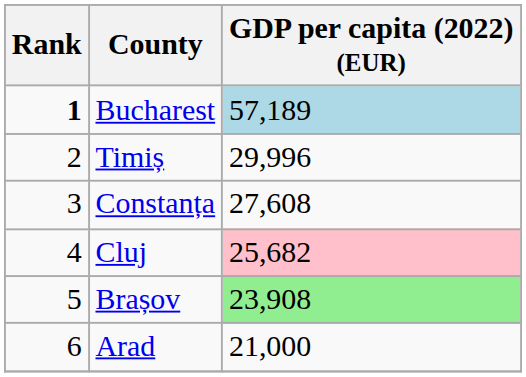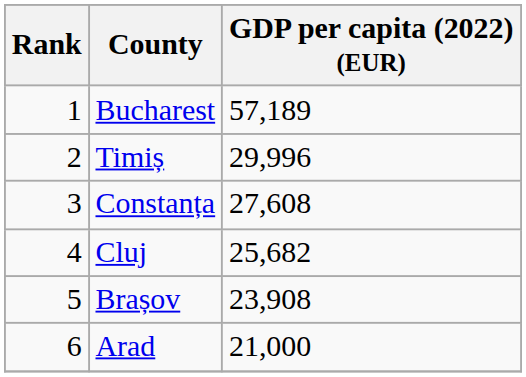 <table class="wikitable">
 <tr>
 <th>Rank</th>
 <th>County</th>
 <th>GDP per capita (2022)<br><small>(EUR)</small></th>
 </tr>
 <tr>
-<td align=right><strong>1</strong></td>
+<td align=right>1</td>
 <td><a href='#'>Bucharest</a></td>
-<td style="background: lightblue;">57,189</td>
+<td>57,189</td>
 </tr>
 <tr>
 <td align=right>2</td>
 <td><a href='#'>Timiș</a></td>
 <td>29,996</td>
 </tr>
 <tr>
 <td align=right>3</td>
 <td><a href='#'>Constanța</a></td>
 <td>27,608</td>
 </tr>
 <tr>
 <td align=right>4</td>
 <td><a href='#'>Cluj</a></td>
-<td style="background: pink;">25,682</td>
+<td>25,682</td>
 </tr>
 <tr>
 <td align=right>5</td>
 <td><a href='#'>Brașov</a></td>
-<td style="background: lightgreen;">23,908</td>
+<td>23,908</td>
 </tr>
 <tr>
 <td align=right>6</td>
 <td><a href='#'>Arad</a></td>
 <td>21,000</td>
 </tr>
 <tr>
 </tr>
 </table>
